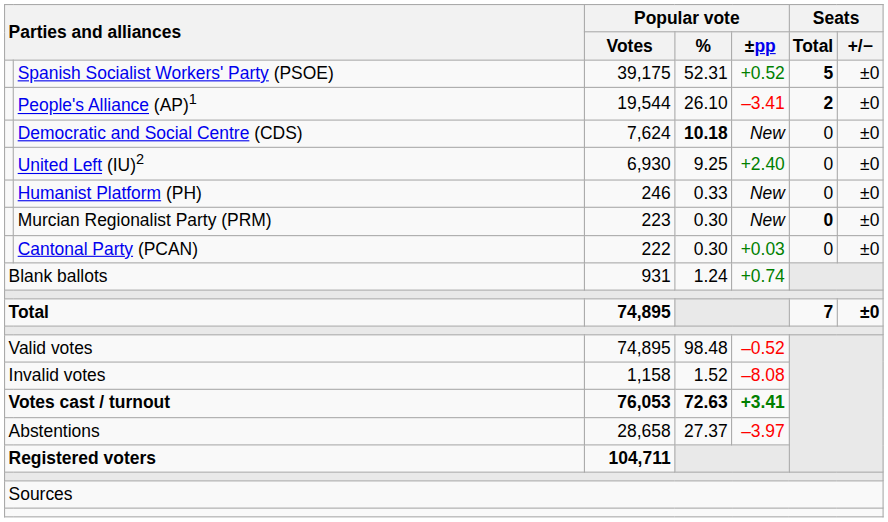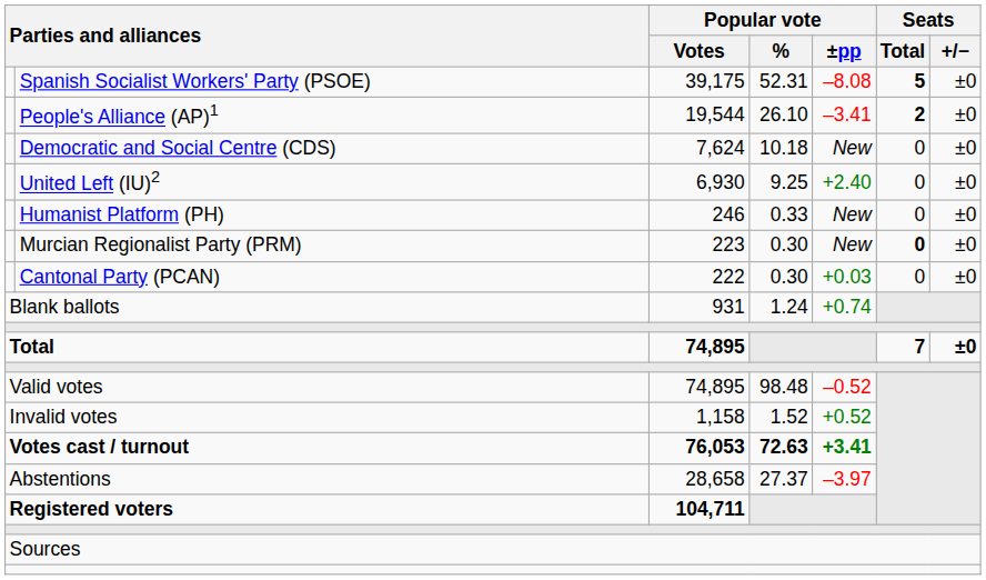 <table class="wikitable" style="text-align:right;">
 <tr>
 <th style="text-align:left;" rowspan="2" colspan="2" width="525">Parties and alliances</th>
 <th colspan="3">Popular vote</th>
 <th colspan="2">Seats</th>
 </tr>
 <tr>
 <th width="75">Votes</th>
 <th width="45">%</th>
 <th width="45">±<a href='#'>pp</a></th>
 <th width="35">Total</th>
 <th width="35">+/−</th>
 </tr>
 <tr>
 <td width="1" style="color:inherit;background:"></td>
 <td align="left"><a href='#'>Spanish Socialist Workers' Party</a> (PSOE)</td>
 <td>39,175</td>
 <td>52.31</td>
-<td style="color:green;">+0.52</td>
+<td style="color:red;">–8.08</td>
 <td><strong>5</strong></td>
 <td>±0</td>
 </tr>
 <tr>
 <td style="color:inherit;background:"></td>
 <td align="left"><a href='#'>People's Alliance</a> (AP)<sup>1</sup></td>
 <td>19,544</td>
 <td>26.10</td>
 <td style="color:red;">–3.41</td>
 <td><strong>2</strong></td>
 <td>±0</td>
 </tr>
 <tr>
 <td style="color:inherit;background:"></td>
 <td align="left"><a href='#'>Democratic and Social Centre</a> (CDS)</td>
 <td>7,624</td>
-<td><strong>10.18</strong></td>
+<td>10.18</td>
 <td><em>New</em></td>
 <td>0</td>
 <td>±0</td>
 </tr>
 <tr>
 <td style="color:inherit;background:"></td>
 <td align="left"><a href='#'>United Left</a> (IU)<sup>2</sup></td>
 <td>6,930</td>
 <td>9.25</td>
 <td style="color:green;">+2.40</td>
 <td>0</td>
 <td>±0</td>
 </tr>
 <tr>
 <td style="color:inherit;background:"></td>
 <td align="left"><a href='#'>Humanist Platform</a> (PH)</td>
 <td>246</td>
 <td>0.33</td>
 <td><em>New</em></td>
 <td>0</td>
 <td>±0</td>
 </tr>
 <tr>
 <td style="color:inherit;background:"></td>
 <td align="left">Murcian Regionalist Party (PRM)</td>
 <td>223</td>
 <td>0.30</td>
 <td><em>New</em></td>
 <td><strong>0</strong></td>
 <td>±0</td>
 </tr>
 <tr>
 <td style="color:inherit;background:"></td>
 <td align="left"><a href='#'>Cantonal Party</a> (PCAN)</td>
 <td>222</td>
 <td>0.30</td>
 <td style="color:green;">+0.03</td>
 <td>0</td>
 <td>±0</td>
 </tr>
 <tr>
 <td align="left" colspan="2">Blank ballots</td>
 <td>931</td>
 <td>1.24</td>
 <td style="color:green;">+0.74</td>
 <td bgcolor="#E9E9E9" colspan="2"></td>
 </tr>
 <tr>
 <td colspan="7" bgcolor="#E9E9E9"></td>
 </tr>
 <tr style="font-weight:bold;">
 <td align="left" colspan="2">Total</td>
 <td>74,895</td>
 <td bgcolor="#E9E9E9" colspan="2"></td>
 <td>7</td>
 <td>±0</td>
 </tr>
 <tr>
 <td colspan="7" bgcolor="#E9E9E9"></td>
 </tr>
 <tr>
 <td align="left" colspan="2">Valid votes</td>
 <td>74,895</td>
 <td>98.48</td>
 <td style="color:red;">–0.52</td>
 <td bgcolor="#E9E9E9" colspan="2" rowspan="5"></td>
 </tr>
 <tr>
 <td align="left" colspan="2">Invalid votes</td>
 <td>1,158</td>
 <td>1.52</td>
-<td style="color:red;">–8.08</td>
+<td style="color:green;">+0.52</td>
 </tr>
 <tr style="font-weight:bold;">
 <td align="left" colspan="2">Votes cast / turnout</td>
 <td>76,053</td>
 <td>72.63</td>
 <td style="color:green;">+3.41</td>
 </tr>
 <tr>
 <td align="left" colspan="2">Abstentions</td>
 <td>28,658</td>
 <td>27.37</td>
 <td style="color:red;">–3.97</td>
 </tr>
 <tr style="font-weight:bold;">
 <td align="left" colspan="2">Registered voters</td>
 <td>104,711</td>
 <td bgcolor="#E9E9E9" colspan="2"></td>
 </tr>
 <tr>
 <td colspan="7" bgcolor="#E9E9E9"></td>
 </tr>
 <tr>
 <td align="left" colspan="7">Sources</td>
 </tr>
 <tr>
 <td colspan="7" style="text-align:left; max-width:790px;"></td>
 </tr>
 </table>
